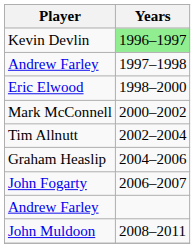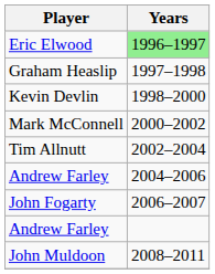 <table class="wikitable" text-align:center">
 <tr>
 <th>Player</th>
 <th>Years</th>
 </tr>
 <tr>
-<td> Kevin Devlin</td>
+<td> <a href='#'>Eric Elwood</a></td>
 <td style="background: lightgreen;">1996–1997</td>
 </tr>
 <tr>
-<td> <a href='#'>Andrew Farley</a></td>
+<td> Graham Heaslip</td>
 <td>1997–1998</td>
 </tr>
 <tr>
-<td> <a href='#'>Eric Elwood</a></td>
+<td> Kevin Devlin</td>
 <td>1998–2000</td>
 </tr>
 <tr>
 <td> Mark McConnell</td>
 <td>2000–2002</td>
 </tr>
 <tr>
 <td> Tim Allnutt</td>
 <td>2002–2004</td>
 </tr>
 <tr>
-<td> Graham Heaslip</td>
+<td> <a href='#'>Andrew Farley</a></td>
 <td>2004–2006</td>
 </tr>
 <tr>
 <td> <a href='#'>John Fogarty</a></td>
 <td>2006–2007</td>
 </tr>
 <tr>
 <td> <a href='#'>Andrew Farley</a></td>
 <td></td>
 </tr>
 <tr>
 <td> <a href='#'>John Muldoon</a></td>
 <td>2008–2011</td>
 </tr>
 <tr>
 </tr>
 </table>
